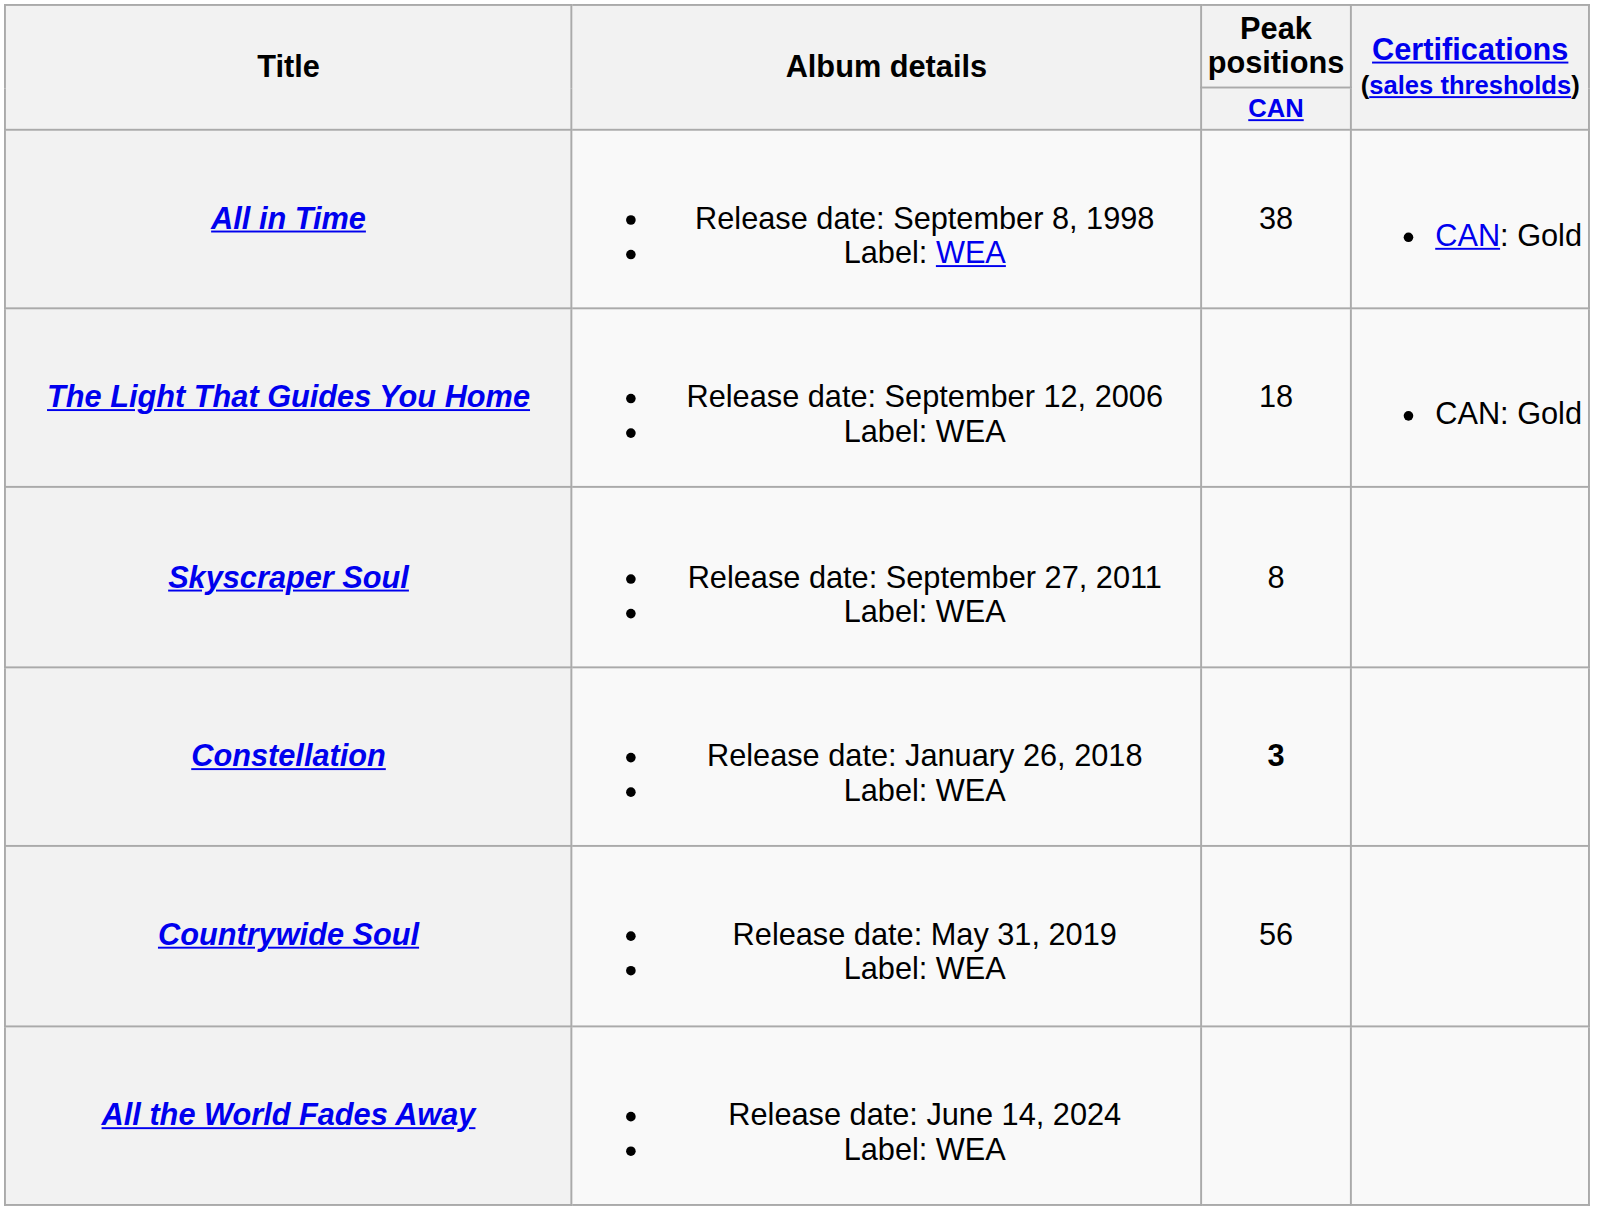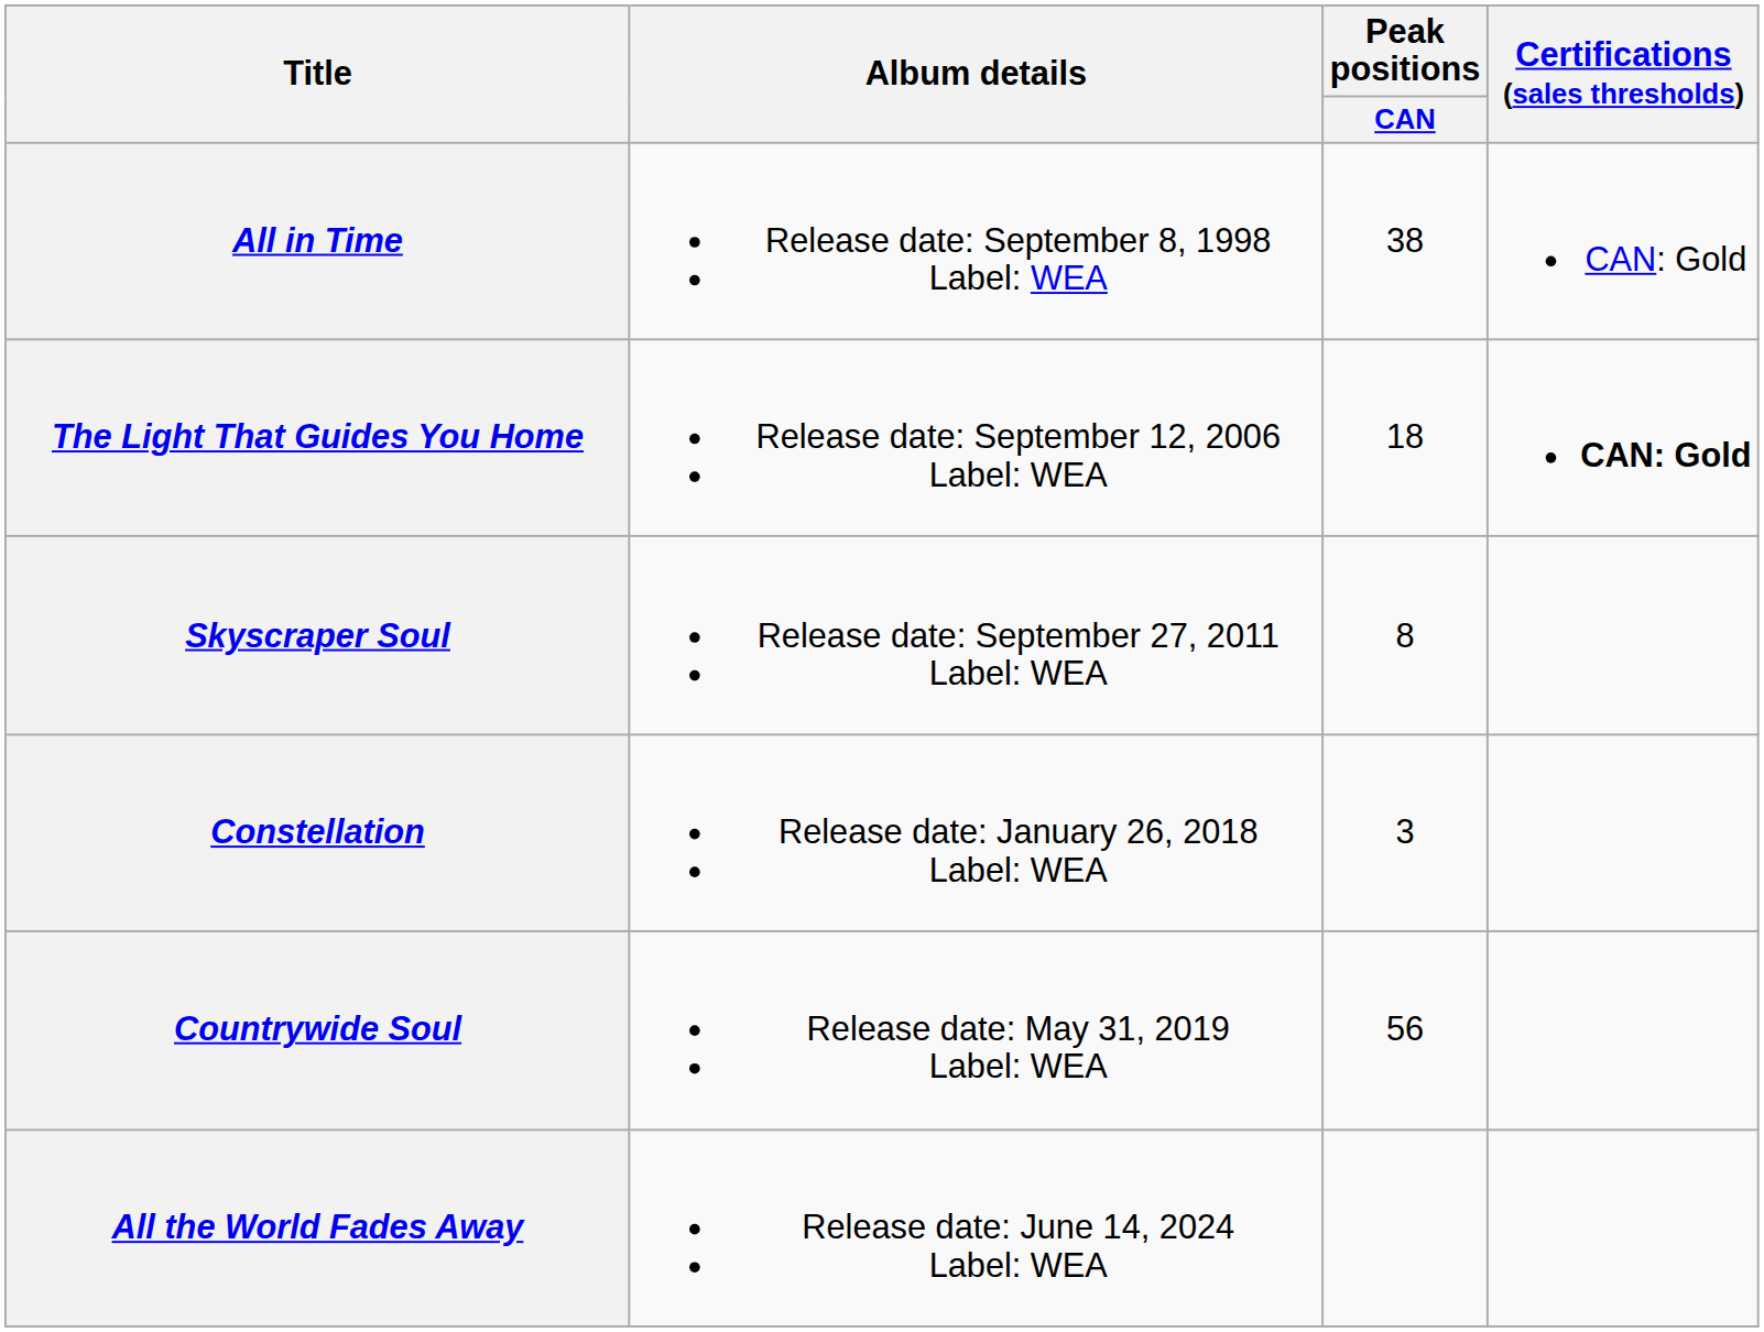 <table class="wikitable plainrowheaders" style="text-align:center;">
 <tr>
 <th rowspan="2" style="width:18em;">Title</th>
 <th rowspan="2" style="width:20em;">Album details</th>
 <th colspan="1">Peak positions</th>
 <th rowspan="2"><a href='#'>Certifications</a><br><small>(<a href='#'>sales thresholds</a>)</small></th>
 </tr>
 <tr style="font-size:smaller;">
 <th width="65"><a href='#'>CAN</a><br></th>
 </tr>
 <tr>
 <th scope="row"><em><a href='#'>All in Time</a></em></th>
 <td><br><ul><li>Release date: September 8, 1998</li><li>Label: <a href='#'>WEA</a></li></ul></td>
 <td>38</td>
 <td><br><ul><li><a href='#'>CAN</a>: Gold</li></ul></td>
 </tr>
 <tr>
 <th scope="row"><em><a href='#'>The Light That Guides You Home</a></em></th>
 <td><br><ul><li>Release date: September 12, 2006</li><li>Label: WEA</li></ul></td>
 <td>18</td>
-<td><br><ul><li>CAN: Gold</li></ul></td>
+<td><strong><br><ul><li>CAN: Gold</li></ul></strong></td>
 </tr>
 <tr>
 <th scope="row"><em><a href='#'>Skyscraper Soul</a></em></th>
 <td><br><ul><li>Release date: September 27, 2011</li><li>Label: WEA</li></ul></td>
 <td>8</td>
 <td></td>
 </tr>
 <tr>
 <th scope="row"><em><a href='#'>Constellation</a></em></th>
 <td><br><ul><li>Release date: January 26, 2018</li><li>Label: WEA</li></ul></td>
-<td><strong>3</strong></td>
+<td>3</td>
 <td></td>
 </tr>
 <tr>
 <th scope="row"><em><a href='#'>Countrywide Soul</a></em></th>
 <td><br><ul><li>Release date: May 31, 2019</li><li>Label: WEA</li></ul></td>
 <td>56</td>
 <td></td>
 </tr>
 <tr>
 <th scope="row"><em><a href='#'>All the World Fades Away</a></em></th>
 <td><br><ul><li>Release date: June 14, 2024</li><li>Label: WEA</li></ul></td>
 <td></td>
 </tr>
 </table>
